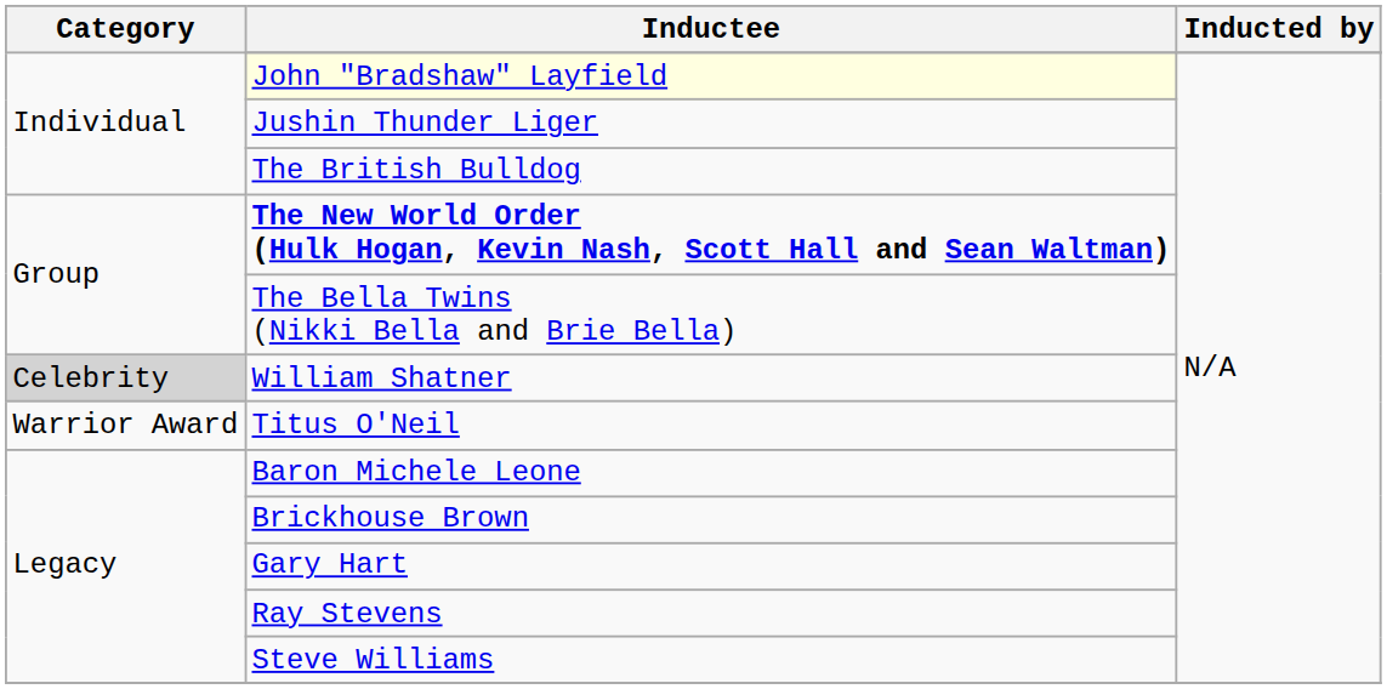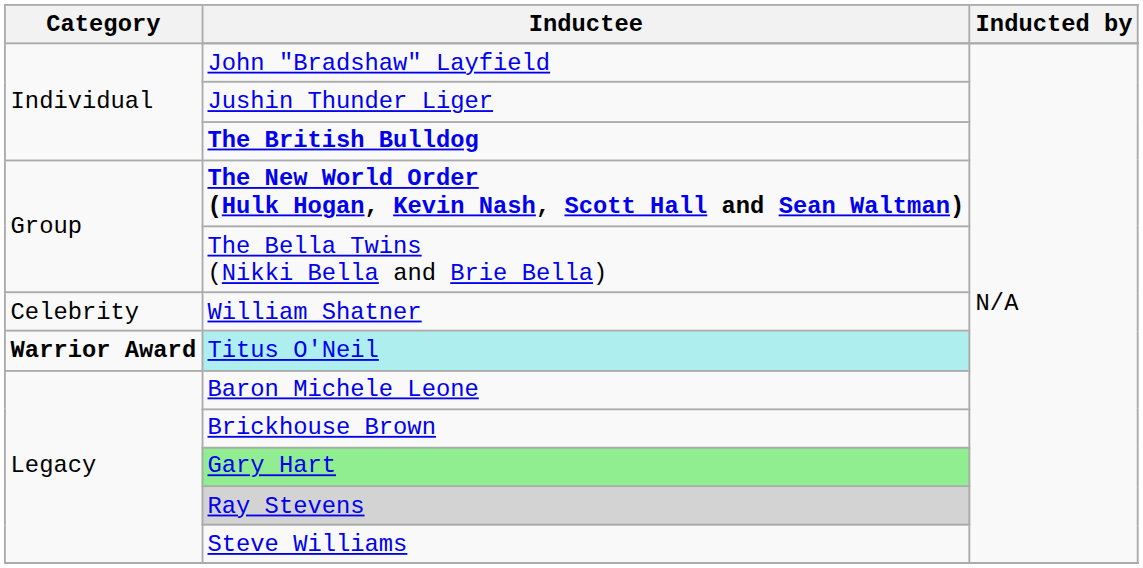 <table class="wikitable">
 <tr>
 <th>Category</th>
 <th>Inductee</th>
 <th>Inducted by</th>
 </tr>
 <tr>
 <td rowspan="4">Individual</td>
 </tr>
 <tr>
-<td style="background: lightyellow;"><a href='#'>John "Bradshaw" Layfield</a></td>
+<td><a href='#'>John "Bradshaw" Layfield</a></td>
 <td rowspan="12">N/A</td>
 </tr>
 <tr>
 <td><a href='#'>Jushin Thunder Liger</a></td>
 </tr>
 <tr>
-<td><a href='#'>The British Bulldog</a></td>
+<td><strong><a href='#'>The British Bulldog</a></strong></td>
 </tr>
 <tr>
 <td rowspan="2">Group</td>
 <td><strong><a href='#'>The New World Order</a><br>(<a href='#'>Hulk Hogan</a>, <a href='#'>Kevin Nash</a>, <a href='#'>Scott Hall</a> and <a href='#'>Sean Waltman</a>)</strong></td>
 </tr>
 <tr>
 <td><a href='#'>The Bella Twins</a><br>(<a href='#'>Nikki Bella</a> and <a href='#'>Brie Bella</a>)</td>
 </tr>
 <tr>
-<td style="background: lightgrey;">Celebrity</td>
+<td>Celebrity</td>
 <td><a href='#'>William Shatner</a></td>
 </tr>
 <tr>
-<td>Warrior Award</td>
-<td><a href='#'>Titus O'Neil</a></td>
+<td><strong>Warrior Award</strong></td>
+<td style="background: paleturquoise;"><a href='#'>Titus O'Neil</a></td>
 </tr>
 <tr>
 <td rowspan="5">Legacy</td>
 <td><a href='#'>Baron Michele Leone</a></td>
 </tr>
 <tr>
 <td><a href='#'>Brickhouse Brown</a></td>
 </tr>
 <tr>
-<td><a href='#'>Gary Hart</a></td>
+<td style="background: lightgreen;"><a href='#'>Gary Hart</a></td>
 </tr>
 <tr>
-<td><a href='#'>Ray Stevens</a></td>
+<td style="background: lightgrey;"><a href='#'>Ray Stevens</a></td>
 </tr>
 <tr>
 <td><a href='#'>Steve Williams</a></td>
 </tr>
 <tr>
 </tr>
 </table>
